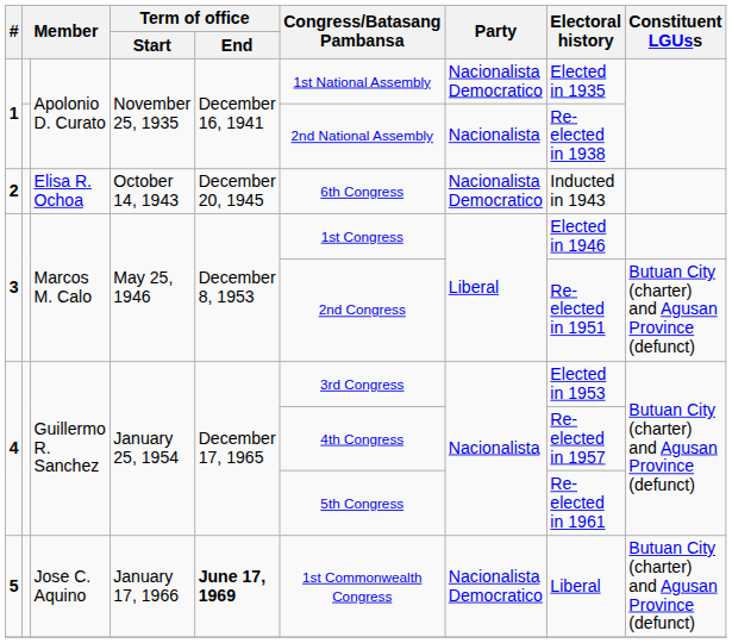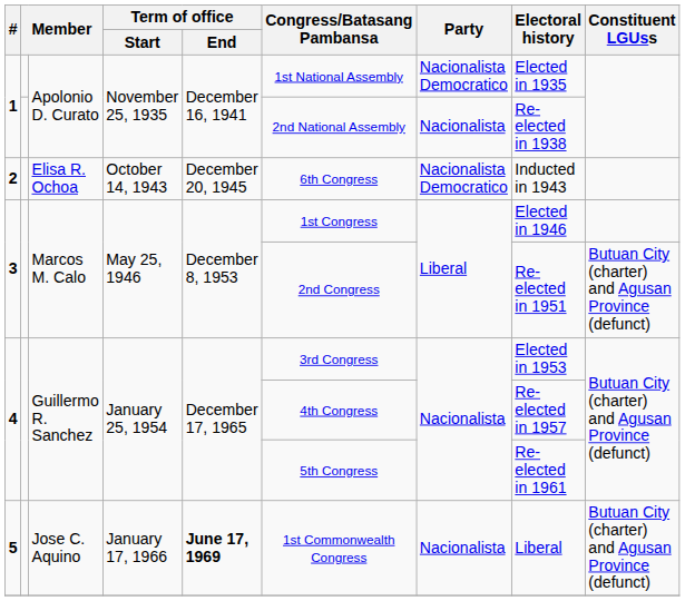 <table class=wikitable>
 <tr>
 <th rowspan="2">#</th>
 <th rowspan="2" colspan=2>Member</th>
 <th colspan=2>Term of office</th>
 <th rowspan="2">Congress/Batasang Pambansa</th>
 <th rowspan="2">Party</th>
 <th rowspan="2">Electoral history</th>
 <th rowspan="2">Constituent<br><a href='#'>LGUs</a>s</th>
 </tr>
 <tr>
 <th>Start</th>
 <th>End</th>
 </tr>
 <tr>
 <td rowspan="2" style="text-align:center;"><strong>1</strong></td>
 <td style="color:inherit;background:"></td>
 <td rowspan="2">Apolonio D. Curato</td>
 <td rowspan="2">November 25, 1935</td>
 <td rowspan="2">December 16, 1941</td>
 <td style="text-align:center;"><small><a href='#'>1st National Assembly</a></small></td>
 <td><a href='#'>Nacionalista Democratico</a></td>
 <td><a href='#'>Elected in 1935</a></td>
 <td rowspan="2"></td>
 </tr>
 <tr>
 <td style="color:inherit;background:"></td>
 <td style="text-align:center;"><small><a href='#'>2nd National Assembly</a></small></td>
 <td><a href='#'>Nacionalista</a></td>
 <td><a href='#'>Re-elected in 1938</a></td>
 </tr>
 <tr>
 <td style="text-align:center;"><strong>2</strong></td>
 <td style="color:inherit;background:"></td>
 <td rowspan="1"><a href='#'>Elisa R. Ochoa</a></td>
 <td rowspan="1">October 14, 1943</td>
 <td rowspan="1">December 20, 1945</td>
 <td style="text-align:center;"><small><a href='#'>6th Congress</a></small></td>
 <td><a href='#'>Nacionalista Democratico</a></td>
 <td>Inducted in 1943</td>
 <td rowspan="1"></td>
 </tr>
 <tr>
 <td rowspan="2" style="text-align:center;"><strong>3</strong></td>
 <td rowspan="2" style="color:inherit;background:"></td>
 <td rowspan="2">Marcos M. Calo</td>
 <td rowspan="2">May 25, 1946</td>
 <td rowspan="2">December 8, 1953</td>
 <td style="text-align:center;"><small><a href='#'>1st Congress</a></small></td>
 <td rowspan="2"><a href='#'>Liberal</a></td>
 <td><a href='#'>Elected in 1946</a></td>
 <td rowspan="1"></td>
 </tr>
 <tr>
 <td style="text-align:center;"><small><a href='#'>2nd Congress</a></small></td>
 <td><a href='#'>Re-elected in 1951</a></td>
 <td><a href='#'>Butuan City</a> (charter) and <a href='#'>Agusan Province</a> (defunct)</td>
 </tr>
 <tr>
 <td rowspan="3" style="text-align:center;"><strong>4</strong></td>
 <td rowspan="3" style="color:inherit;background:"></td>
 <td rowspan="3">Guillermo R. Sanchez</td>
 <td rowspan="3">January 25, 1954</td>
 <td rowspan="3">December 17, 1965</td>
 <td style="text-align:center;"><small><a href='#'>3rd Congress</a></small></td>
 <td rowspan="3"><a href='#'>Nacionalista</a></td>
 <td><a href='#'>Elected in 1953</a></td>
 <td rowspan="3"><a href='#'>Butuan City</a> (charter) and <a href='#'>Agusan Province</a> (defunct)</td>
 </tr>
 <tr>
 <td style="text-align:center;"><small><a href='#'>4th Congress</a></small></td>
 <td><a href='#'>Re-elected in 1957</a></td>
 </tr>
 <tr>
 <td style="text-align:center;"><small><a href='#'>5th Congress</a></small></td>
 <td><a href='#'>Re-elected in 1961</a></td>
 </tr>
 <tr>
 <td rowspan="1" style="text-align:center;"><strong>5</strong></td>
 <td rowspan="1" style="color:inherit;background:"></td>
 <td rowspan="1">Jose C. Aquino</td>
 <td rowspan="1">January 17, 1966</td>
 <td rowspan="1"><strong>June 17, 1969</strong></td>
 <td style="text-align:center;"><small><a href='#'>1st Commonwealth Congress</a></small></td>
-<td><a href='#'>Nacionalista Democratico</a></td>
+<td rowspan="1"><a href='#'>Nacionalista</a></td>
 <td rowspan="1"><a href='#'>Liberal</a></td>
 <td rowspan="1"><a href='#'>Butuan City</a> (charter) and <a href='#'>Agusan Province</a> (defunct)</td>
 </tr>
 <tr>
 </tr>
 </table>
